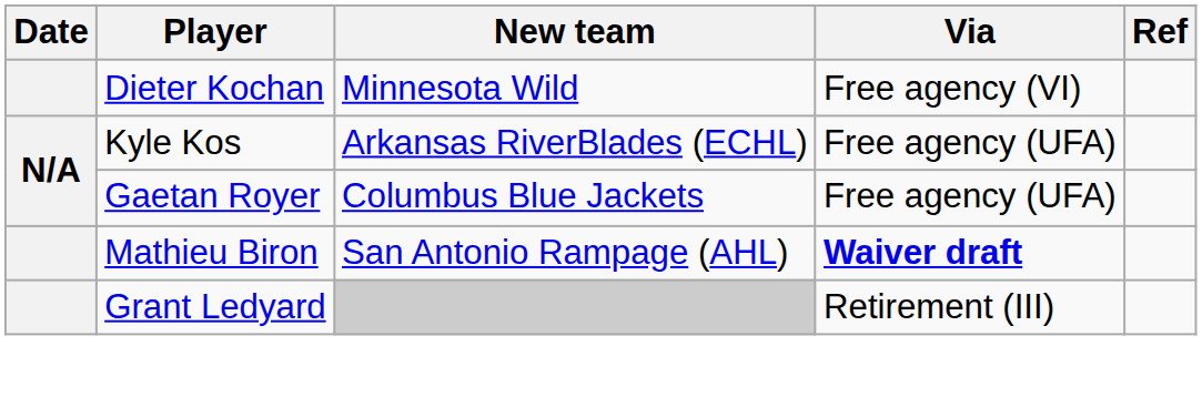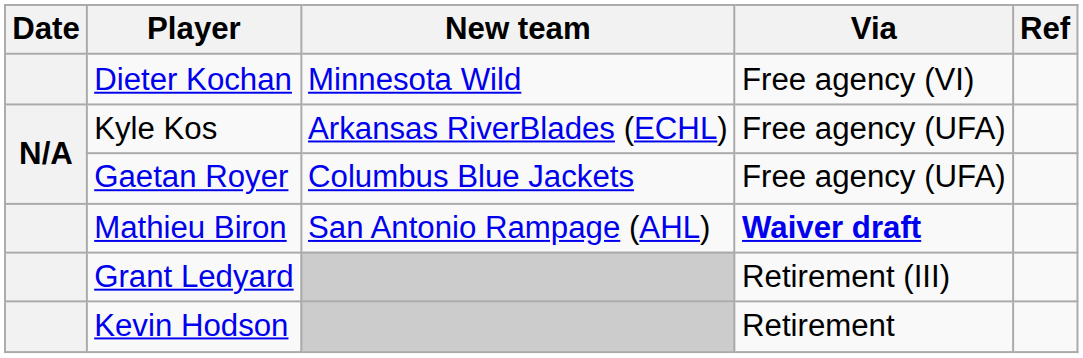 <table class="wikitable plainrowheaders">
 <tr style="background:#ddd; text-align:center;">
 <th>Date</th>
 <th>Player</th>
 <th>New team</th>
 <th>Via</th>
 <th>Ref</th>
 </tr>
 <tr>
 <th scope="row"></th>
 <td><a href='#'>Dieter Kochan</a></td>
 <td><a href='#'>Minnesota Wild</a></td>
 <td>Free agency (VI)</td>
 <td></td>
 </tr>
 <tr>
 <th scope="row" rowspan=2>N/A</th>
 <td>Kyle Kos</td>
 <td><a href='#'>Arkansas RiverBlades</a> (<a href='#'>ECHL</a>)</td>
 <td>Free agency (UFA)</td>
 <td></td>
 </tr>
 <tr>
 <td><a href='#'>Gaetan Royer</a></td>
 <td><a href='#'>Columbus Blue Jackets</a></td>
 <td>Free agency (UFA)</td>
 <td></td>
 </tr>
 <tr>
 <th scope="row"></th>
 <td><a href='#'>Mathieu Biron</a></td>
 <td><a href='#'>San Antonio Rampage</a> (<a href='#'>AHL</a>)</td>
 <td><strong><a href='#'>Waiver draft</a></strong></td>
 <td></td>
 </tr>
 <tr>
 <th scope="row"></th>
 <td><a href='#'>Grant Ledyard</a></td>
 <td style="background:#ccc"></td>
 <td>Retirement (III)</td>
 <td></td>
 </tr>
+<tr>
+<th scope="row"></th>
+<td><a href='#'>Kevin Hodson</a></td>
+<td style="background:#ccc"></td>
+<td>Retirement</td>
+<td></td>
+</tr>
 </table>
